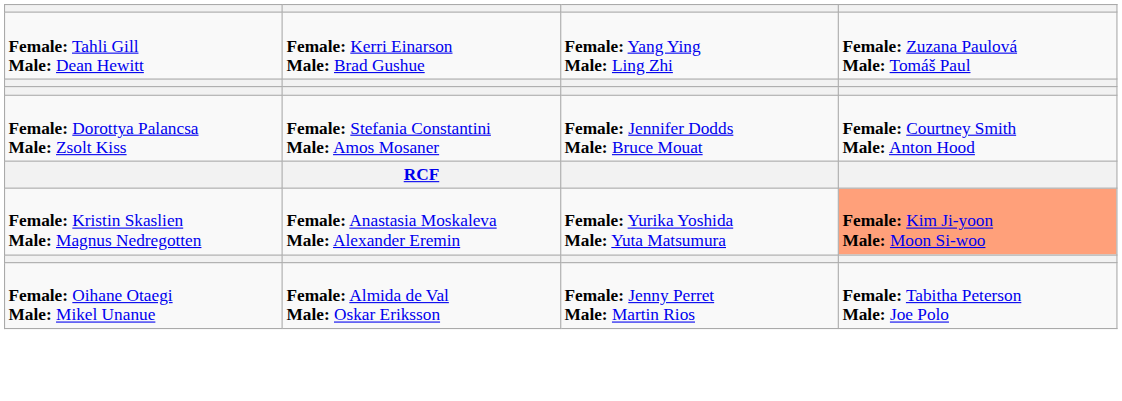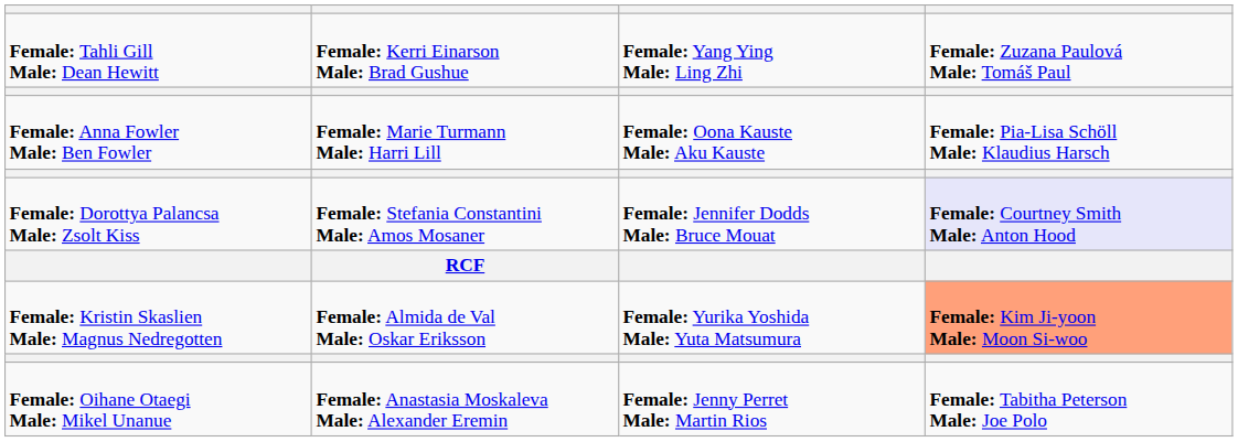 <table class=wikitable>
 <tr>
 <th width=250></th>
 <th width=250></th>
 <th width=250></th>
 <th width=250></th>
 </tr>
 <tr>
 <td><br><strong>Female:</strong> <a href='#'>Tahli Gill</a><br> <strong>Male:</strong> <a href='#'>Dean Hewitt</a></td>
 <td><br><strong>Female:</strong> <a href='#'>Kerri Einarson</a><br> <strong>Male:</strong> <a href='#'>Brad Gushue</a></td>
 <td><br><strong>Female:</strong> <a href='#'>Yang Ying</a><br> <strong>Male:</strong> <a href='#'>Ling Zhi</a></td>
 <td><br><strong>Female:</strong> <a href='#'>Zuzana Paulová</a><br> <strong>Male:</strong> <a href='#'>Tomáš Paul</a></td>
 </tr>
 <tr>
 <th width=250></th>
 <th width=250></th>
 <th width=250></th>
 <th width=250></th>
 </tr>
 <tr>
+<td><br><strong>Female:</strong> <a href='#'>Anna Fowler</a><br> <strong>Male:</strong> <a href='#'>Ben Fowler</a></td>
+<td><br><strong>Female:</strong> <a href='#'>Marie Turmann</a><br> <strong>Male:</strong> <a href='#'>Harri Lill</a></td>
+<td><br><strong>Female:</strong> <a href='#'>Oona Kauste</a><br> <strong>Male:</strong> <a href='#'>Aku Kauste</a></td>
+<td><br><strong>Female:</strong> <a href='#'>Pia-Lisa Schöll</a><br> <strong>Male:</strong> <a href='#'>Klaudius Harsch</a></td>
+</tr>
+<tr>
 <th width=250></th>
 <th width=250></th>
 <th width=250></th>
 <th width=250></th>
 </tr>
 <tr>
 <td><br><strong>Female:</strong> <a href='#'>Dorottya Palancsa</a><br> <strong>Male:</strong> <a href='#'>Zsolt Kiss</a></td>
 <td><br><strong>Female:</strong> <a href='#'>Stefania Constantini</a><br> <strong>Male:</strong> <a href='#'>Amos Mosaner</a></td>
 <td><br><strong>Female:</strong> <a href='#'>Jennifer Dodds</a><br> <strong>Male:</strong> <a href='#'>Bruce Mouat</a></td>
-<td><br><strong>Female:</strong> <a href='#'>Courtney Smith</a><br> <strong>Male:</strong> <a href='#'>Anton Hood</a></td>
+<td style="background: lavender;"><br><strong>Female:</strong> <a href='#'>Courtney Smith</a><br> <strong>Male:</strong> <a href='#'>Anton Hood</a></td>
 </tr>
 <tr>
 <th width=250></th>
 <th width=250> <a href='#'>RCF</a></th>
 <th width=250></th>
 <th width=250></th>
 </tr>
 <tr>
 <td><br><strong>Female:</strong> <a href='#'>Kristin Skaslien</a><br> <strong>Male:</strong> <a href='#'>Magnus Nedregotten</a></td>
-<td><br><strong>Female:</strong> <a href='#'>Anastasia Moskaleva</a><br> <strong>Male:</strong> <a href='#'>Alexander Eremin</a></td>
+<td><br><strong>Female:</strong> <a href='#'>Almida de Val</a><br> <strong>Male:</strong> <a href='#'>Oskar Eriksson</a></td>
 <td><br><strong>Female:</strong> <a href='#'>Yurika Yoshida</a><br> <strong>Male:</strong> <a href='#'>Yuta Matsumura</a></td>
 <td style="background: lightsalmon;"><br><strong>Female:</strong> <a href='#'>Kim Ji-yoon</a><br> <strong>Male:</strong> <a href='#'>Moon Si-woo</a></td>
 </tr>
 <tr>
 <th width=250></th>
 <th width=250></th>
 <th width=250></th>
 <th width=250></th>
 </tr>
 <tr>
 <td><br><strong>Female:</strong> <a href='#'>Oihane Otaegi</a><br> <strong>Male:</strong> <a href='#'>Mikel Unanue</a></td>
-<td><br><strong>Female:</strong> <a href='#'>Almida de Val</a><br> <strong>Male:</strong> <a href='#'>Oskar Eriksson</a></td>
+<td><br><strong>Female:</strong> <a href='#'>Anastasia Moskaleva</a><br> <strong>Male:</strong> <a href='#'>Alexander Eremin</a></td>
 <td><br><strong>Female:</strong> <a href='#'>Jenny Perret</a><br> <strong>Male:</strong> <a href='#'>Martin Rios</a></td>
 <td><br><strong>Female:</strong> <a href='#'>Tabitha Peterson</a><br> <strong>Male:</strong> <a href='#'>Joe Polo</a></td>
 </tr>
 </table>
